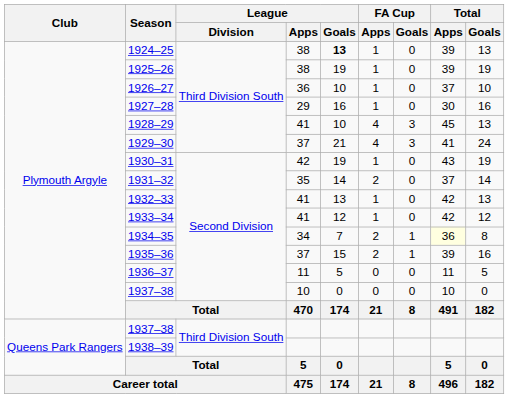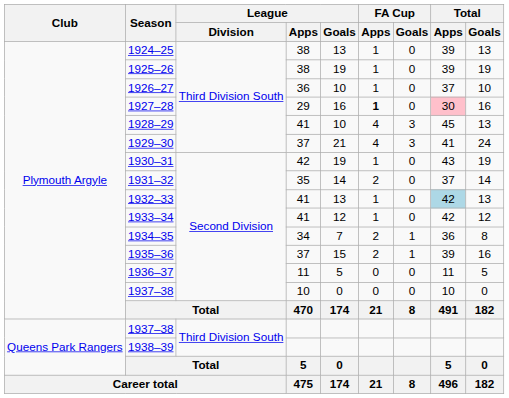 <table class="wikitable" style="text-align:center">
 <tr>
 <th rowspan="2">Club</th>
 <th rowspan="2">Season</th>
 <th colspan="3">League</th>
 <th colspan="2">FA Cup</th>
 <th colspan="2">Total</th>
 </tr>
 <tr>
 <th>Division</th>
 <th>Apps</th>
 <th>Goals</th>
 <th>Apps</th>
 <th>Goals</th>
 <th>Apps</th>
 <th>Goals</th>
 </tr>
 <tr>
 <td rowspan="15"><a href='#'>Plymouth Argyle</a></td>
 <td><a href='#'>1924–25</a></td>
 <td rowspan="6"><a href='#'>Third Division South</a></td>
 <td>38</td>
-<td><strong>13</strong></td>
+<td>13</td>
 <td>1</td>
 <td>0</td>
 <td>39</td>
 <td>13</td>
 </tr>
 <tr>
 <td><a href='#'>1925–26</a></td>
 <td>38</td>
 <td>19</td>
 <td>1</td>
 <td>0</td>
 <td>39</td>
 <td>19</td>
 </tr>
 <tr>
 <td><a href='#'>1926–27</a></td>
 <td>36</td>
 <td>10</td>
 <td>1</td>
 <td>0</td>
 <td>37</td>
 <td>10</td>
 </tr>
 <tr>
 <td><a href='#'>1927–28</a></td>
 <td>29</td>
 <td>16</td>
-<td>1</td>
+<td><strong>1</strong></td>
 <td>0</td>
-<td>30</td>
+<td style="background: pink;">30</td>
 <td>16</td>
 </tr>
 <tr>
 <td><a href='#'>1928–29</a></td>
 <td>41</td>
 <td>10</td>
 <td>4</td>
 <td>3</td>
 <td>45</td>
 <td>13</td>
 </tr>
 <tr>
 <td><a href='#'>1929–30</a></td>
 <td>37</td>
 <td>21</td>
 <td>4</td>
 <td>3</td>
 <td>41</td>
 <td>24</td>
 </tr>
 <tr>
 <td><a href='#'>1930–31</a></td>
 <td rowspan="8"><a href='#'>Second Division</a></td>
 <td>42</td>
 <td>19</td>
 <td>1</td>
 <td>0</td>
 <td>43</td>
 <td>19</td>
 </tr>
 <tr>
 <td><a href='#'>1931–32</a></td>
 <td>35</td>
 <td>14</td>
 <td>2</td>
 <td>0</td>
 <td>37</td>
 <td>14</td>
 </tr>
 <tr>
 <td><a href='#'>1932–33</a></td>
 <td>41</td>
 <td>13</td>
 <td>1</td>
 <td>0</td>
-<td>42</td>
+<td style="background: lightblue;">42</td>
 <td>13</td>
 </tr>
 <tr>
 <td><a href='#'>1933–34</a></td>
 <td>41</td>
 <td>12</td>
 <td>1</td>
 <td>0</td>
 <td>42</td>
 <td>12</td>
 </tr>
 <tr>
 <td><a href='#'>1934–35</a></td>
 <td>34</td>
 <td>7</td>
 <td>2</td>
 <td>1</td>
-<td style="background: lightyellow;">36</td>
+<td>36</td>
 <td>8</td>
 </tr>
 <tr>
 <td><a href='#'>1935–36</a></td>
 <td>37</td>
 <td>15</td>
 <td>2</td>
 <td>1</td>
 <td>39</td>
 <td>16</td>
 </tr>
 <tr>
 <td><a href='#'>1936–37</a></td>
 <td>11</td>
 <td>5</td>
 <td>0</td>
 <td>0</td>
 <td>11</td>
 <td>5</td>
 </tr>
 <tr>
 <td><a href='#'>1937–38</a></td>
 <td>10</td>
 <td>0</td>
 <td>0</td>
 <td>0</td>
 <td>10</td>
 <td>0</td>
 </tr>
 <tr>
 <th colspan="2">Total</th>
 <th>470</th>
 <th>174</th>
 <th>21</th>
 <th>8</th>
 <th>491</th>
 <th>182</th>
 </tr>
 <tr>
 <td rowspan="3"><a href='#'>Queens Park Rangers</a></td>
 <td><a href='#'>1937–38</a></td>
 <td rowspan="2"><a href='#'>Third Division South</a></td>
 <td></td>
 <td></td>
 <td></td>
 <td></td>
 <td></td>
 <td></td>
 </tr>
 <tr>
 <td><a href='#'>1938–39</a></td>
 <td></td>
 <td></td>
 <td></td>
 <td></td>
 <td></td>
 <td></td>
 </tr>
 <tr>
 <th colspan="2">Total</th>
 <th>5</th>
 <th>0</th>
 <th></th>
 <th></th>
 <th>5</th>
 <th>0</th>
 </tr>
 <tr>
 <th colspan="3">Career total</th>
 <th>475</th>
 <th>174</th>
 <th>21</th>
 <th>8</th>
 <th>496</th>
 <th>182</th>
 </tr>
 </table>
